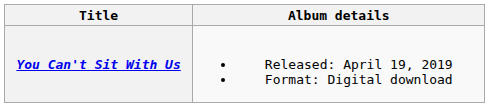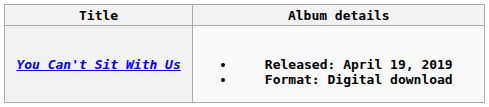 <table class="wikitable plainrowheaders" style="text-align:center;">
 <tr>
 <th scope="col" rowspan="1" style="width:14em;">Title</th>
 <th scope="col" rowspan="1" style="width:22em;">Album details</th>
 </tr>
 <tr>
 <th scope="row"><em><a href='#'>You Can't Sit With Us</a></em></th>
-<td><br><ul><li>Released: April 19, 2019</li><li>Format: Digital download</li></ul></td>
+<td><strong><br><ul><li>Released: April 19, 2019</li><li>Format: Digital download</li></ul></strong></td>
 </tr>
 <tr>
 </tr>
 </table>
